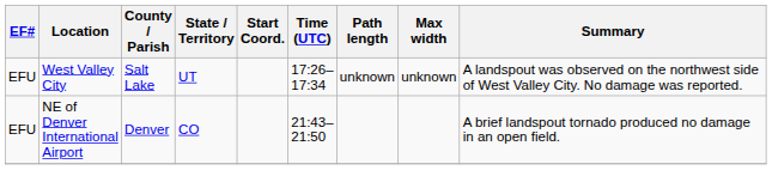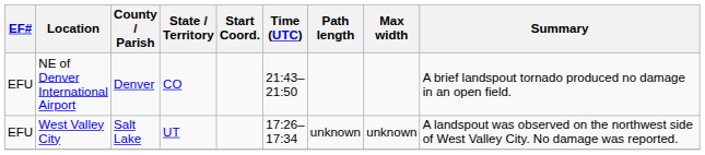 <table class="wikitable sortable" style="width:100%;">
 <tr>
 <th scope="col"  style="width:3%; text-align:center;"><a href='#'>EF#</a></th>
 <th scope="col"  style="width:7%; text-align:center;" class="unsortable">Location</th>
 <th scope="col"  style="width:6%; text-align:center;" class="unsortable">County / Parish</th>
 <th scope="col"  style="width:5%; text-align:center;">State / Territory</th>
 <th scope="col"  style="width:6%; text-align:center;">Start Coord.</th>
 <th scope="col"  style="width:6%; text-align:center;">Time (<a href='#'>UTC</a>)</th>
 <th scope="col"  style="width:6%; text-align:center;">Path length</th>
 <th scope="col"  style="width:6%; text-align:center;">Max width</th>
 <th scope="col" class="unsortable" style="width:48%; text-align:center;">Summary</th>
 </tr>
 <tr>
 <td>EFU</td>
+<td>NE of <a href='#'>Denver International Airport</a></td>
+<td><a href='#'>Denver</a></td>
+<td><a href='#'>CO</a></td>
+<td></td>
+<td>21:43–21:50</td>
+<td></td>
+<td></td>
+<td>A brief landspout tornado produced no damage in an open field.</td>
+</tr>
+<tr>
+<td>EFU</td>
 <td><a href='#'>West Valley City</a></td>
 <td><a href='#'>Salt Lake</a></td>
 <td><a href='#'>UT</a></td>
 <td></td>
 <td>17:26–17:34</td>
 <td>unknown</td>
 <td>unknown</td>
 <td>A landspout was observed on the northwest side of West Valley City. No damage was reported.</td>
 </tr>
 <tr>
-<td>EFU</td>
-<td>NE of <a href='#'>Denver International Airport</a></td>
-<td><a href='#'>Denver</a></td>
-<td><a href='#'>CO</a></td>
-<td></td>
-<td>21:43–21:50</td>
-<td></td>
-<td></td>
-<td>A brief landspout tornado produced no damage in an open field.</td>
-</tr>
-<tr>
 </tr>
 </table>
